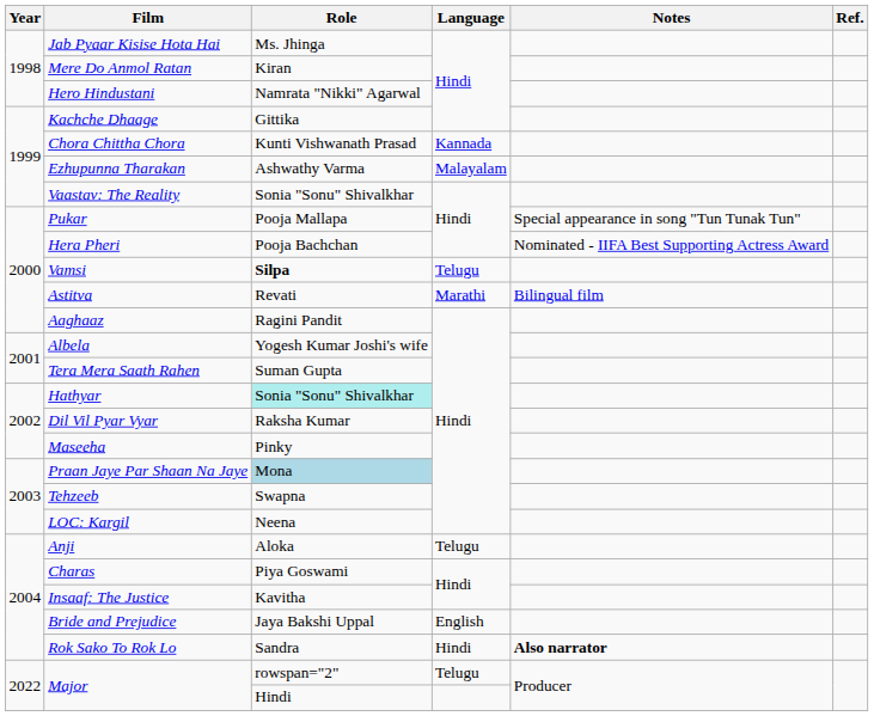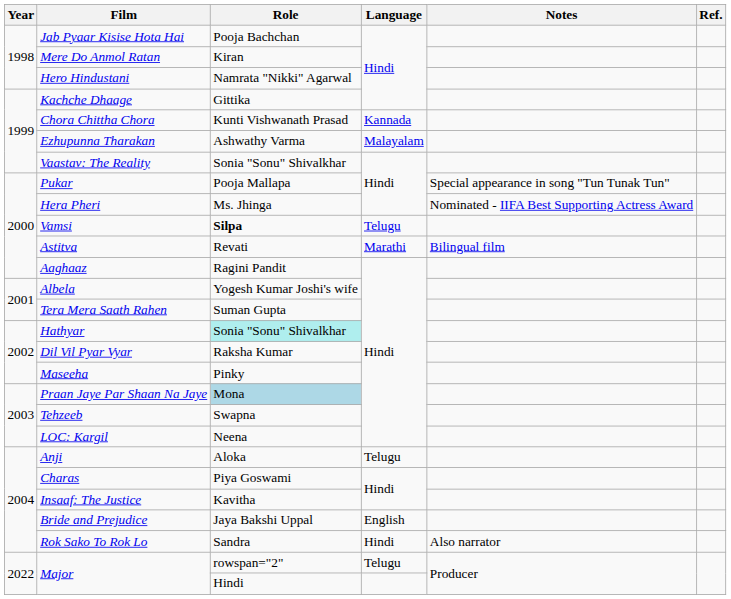 <table class="wikitable sortable">
 <tr>
 <th>Year</th>
 <th>Film</th>
 <th>Role</th>
 <th>Language</th>
 <th class="unsortable">Notes</th>
 <th class="unsortable">Ref.</th>
 </tr>
 <tr>
 <td rowspan="3">1998</td>
 <td><em><a href='#'>Jab Pyaar Kisise Hota Hai</a></em></td>
-<td>Ms. Jhinga</td>
+<td>Pooja Bachchan</td>
 <td rowspan="4"><a href='#'>Hindi</a></td>
 <td></td>
 <td></td>
 </tr>
 <tr>
 <td><em><a href='#'>Mere Do Anmol Ratan</a></em></td>
 <td>Kiran</td>
 <td></td>
 <td></td>
 </tr>
 <tr>
 <td><em><a href='#'>Hero Hindustani</a></em></td>
 <td>Namrata "Nikki" Agarwal</td>
 <td></td>
 <td></td>
 </tr>
 <tr>
 <td rowspan="4">1999</td>
 <td><em><a href='#'>Kachche Dhaage</a></em></td>
 <td>Gittika</td>
 <td></td>
 <td></td>
 </tr>
 <tr>
 <td><em><a href='#'>Chora Chittha Chora</a></em></td>
 <td>Kunti Vishwanath Prasad</td>
 <td><a href='#'>Kannada</a></td>
 <td></td>
 <td></td>
 </tr>
 <tr>
 <td><em><a href='#'>Ezhupunna Tharakan</a></em></td>
 <td>Ashwathy Varma</td>
 <td><a href='#'>Malayalam</a></td>
 <td></td>
 <td></td>
 </tr>
 <tr>
 <td><em><a href='#'>Vaastav: The Reality</a></em></td>
 <td>Sonia "Sonu" Shivalkhar</td>
 <td rowspan="3">Hindi</td>
 <td></td>
 <td></td>
 </tr>
 <tr>
 <td rowspan="6">2000</td>
 <td><em><a href='#'>Pukar</a></em></td>
 <td>Pooja Mallapa</td>
 <td>Special appearance in song "Tun Tunak Tun"</td>
 <td></td>
 </tr>
 <tr>
 <td><em><a href='#'>Hera Pheri</a></em></td>
-<td>Pooja Bachchan</td>
+<td>Ms. Jhinga</td>
 <td>Nominated - <a href='#'>IIFA Best Supporting Actress Award</a></td>
 <td></td>
 </tr>
 <tr>
 <td><em><a href='#'>Vamsi</a></em></td>
 <td><strong>Silpa</strong></td>
 <td><a href='#'>Telugu</a></td>
 <td></td>
 <td></td>
 </tr>
 <tr>
 <td rowspan="2"><em><a href='#'>Astitva</a></em></td>
 <td rowspan="2">Revati</td>
 <td><a href='#'>Marathi</a></td>
 <td rowspan="2"><a href='#'>Bilingual film</a></td>
 <td rowspan="2"></td>
 </tr>
 <tr>
 <td rowspan="10">Hindi</td>
 </tr>
 <tr>
 <td><em><a href='#'>Aaghaaz</a></em></td>
 <td>Ragini Pandit</td>
 <td></td>
 <td></td>
 </tr>
 <tr>
 <td rowspan="2">2001</td>
 <td><em><a href='#'>Albela</a></em></td>
 <td>Yogesh Kumar Joshi's wife</td>
 <td></td>
 <td></td>
 </tr>
 <tr>
 <td><em><a href='#'>Tera Mera Saath Rahen</a></em></td>
 <td>Suman Gupta</td>
 <td></td>
 <td></td>
 </tr>
 <tr>
 <td rowspan=3>2002</td>
 <td><em><a href='#'>Hathyar</a></em></td>
 <td style="background: paleturquoise;">Sonia "Sonu" Shivalkhar</td>
 <td></td>
 <td></td>
 </tr>
 <tr>
 <td><em><a href='#'>Dil Vil Pyar Vyar</a></em></td>
 <td>Raksha Kumar</td>
 <td></td>
 <td></td>
 </tr>
 <tr>
 <td><em><a href='#'>Maseeha</a></em></td>
 <td>Pinky</td>
 <td></td>
 <td></td>
 </tr>
 <tr>
 <td rowspan="3">2003</td>
 <td><em><a href='#'>Praan Jaye Par Shaan Na Jaye</a></em></td>
 <td style="background: lightblue;">Mona</td>
 <td></td>
 <td></td>
 </tr>
 <tr>
 <td><em><a href='#'>Tehzeeb</a></em></td>
 <td>Swapna</td>
 <td></td>
 <td></td>
 </tr>
 <tr>
 <td><em><a href='#'>LOC: Kargil</a></em></td>
 <td>Neena</td>
 <td></td>
 <td></td>
 </tr>
 <tr>
 <td rowspan="5">2004</td>
 <td><em><a href='#'>Anji</a></em></td>
 <td>Aloka</td>
 <td>Telugu</td>
 <td></td>
 <td></td>
 </tr>
 <tr>
 <td><em><a href='#'>Charas</a></em></td>
 <td>Piya Goswami</td>
 <td rowspan="2">Hindi</td>
 <td></td>
 <td></td>
 </tr>
 <tr>
 <td><em><a href='#'>Insaaf: The Justice</a></em></td>
 <td>Kavitha</td>
 <td></td>
 <td></td>
 </tr>
 <tr>
 <td><em><a href='#'>Bride and Prejudice</a></em></td>
 <td>Jaya Bakshi Uppal</td>
 <td>English</td>
 <td></td>
 <td></td>
 </tr>
 <tr>
 <td><em><a href='#'>Rok Sako To Rok Lo</a></em></td>
 <td>Sandra</td>
 <td>Hindi</td>
-<td><strong>Also narrator</strong></td>
+<td>Also narrator</td>
 <td></td>
 </tr>
 <tr>
 <td rowspan="2">2022</td>
 <td rowspan="2"><em><a href='#'>Major</a></em></td>
 <td>rowspan="2" </td>
 <td>Telugu</td>
 <td rowspan="2">Producer</td>
 <td rowspan="2"></td>
 </tr>
 <tr>
 <td>Hindi</td>
 </tr>
 </table>
